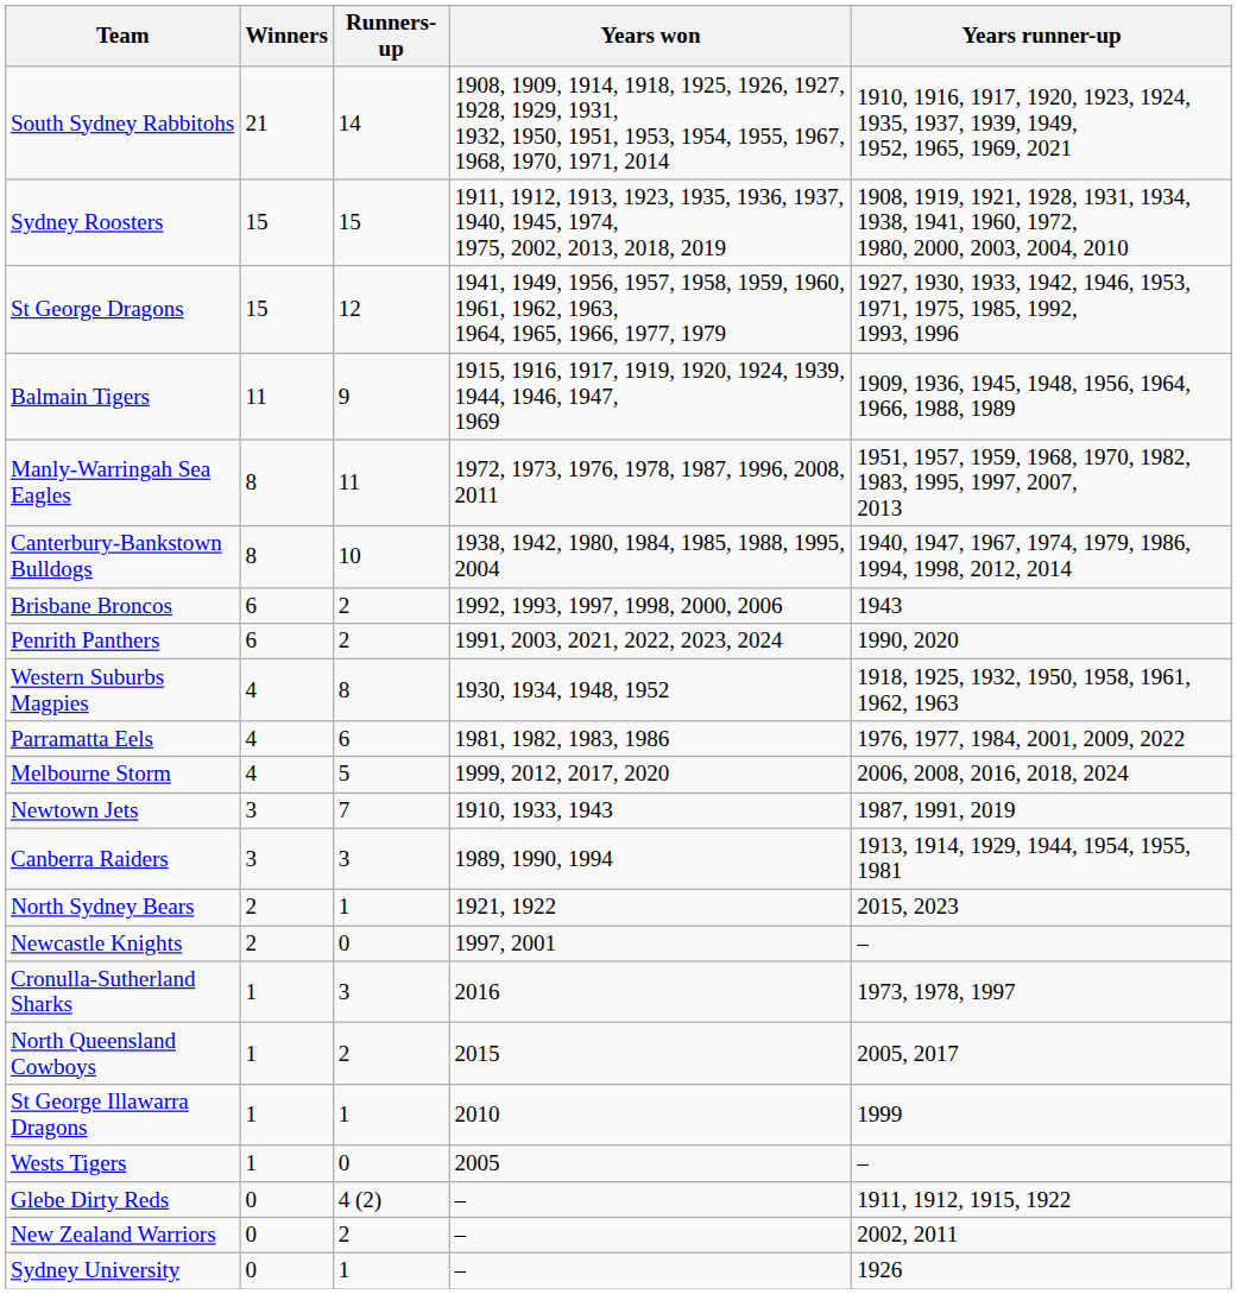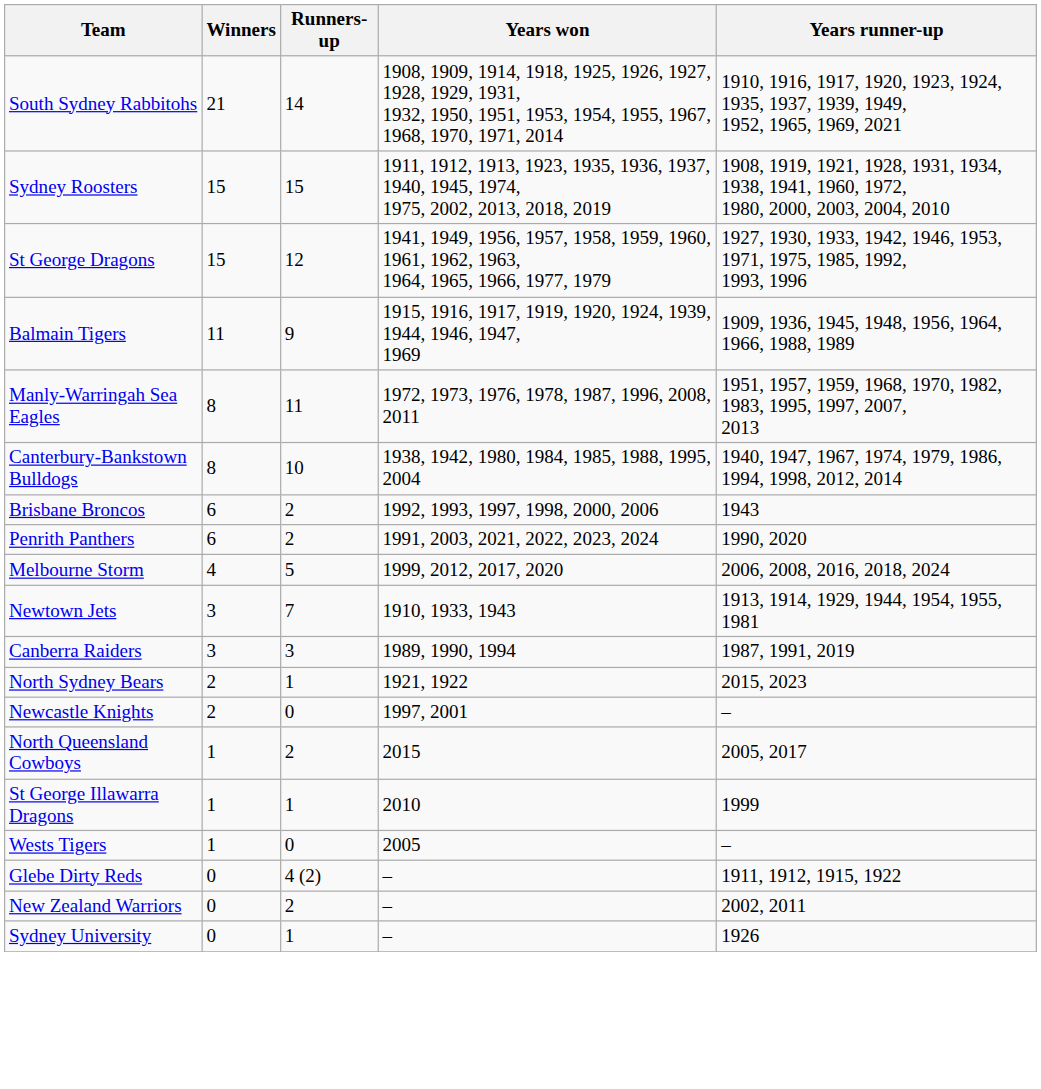 <table class="wikitable sortable">
 <tr>
 <th>Team</th>
 <th>Winners</th>
 <th>Runners-up</th>
 <th>Years won</th>
 <th>Years runner-up</th>
 </tr>
 <tr>
 <td> <a href='#'>South Sydney Rabbitohs</a></td>
 <td>21</td>
 <td>14</td>
 <td>1908, 1909, 1914, 1918, 1925, 1926, 1927, 1928, 1929, 1931,<br>1932, 1950, 1951, 1953, 1954, 1955, 1967, 1968, 1970, 1971, 2014</td>
 <td>1910, 1916, 1917, 1920, 1923, 1924, 1935, 1937, 1939, 1949,<br>1952, 1965, 1969, 2021</td>
 </tr>
 <tr>
 <td> <a href='#'>Sydney Roosters</a></td>
 <td>15</td>
 <td>15</td>
 <td>1911, 1912, 1913, 1923, 1935, 1936, 1937, 1940, 1945, 1974,<br>1975, 2002, 2013, 2018, 2019</td>
 <td>1908, 1919, 1921, 1928, 1931, 1934, 1938, 1941, 1960, 1972,<br>1980, 2000, 2003, 2004, 2010</td>
 </tr>
 <tr>
 <td> <a href='#'>St George Dragons</a></td>
 <td>15</td>
 <td>12</td>
 <td>1941, 1949, 1956, 1957, 1958, 1959, 1960, 1961, 1962, 1963,<br>1964, 1965, 1966, 1977, 1979</td>
 <td>1927, 1930, 1933, 1942, 1946, 1953, 1971, 1975, 1985, 1992,<br>1993, 1996</td>
 </tr>
 <tr>
 <td> <a href='#'>Balmain Tigers</a></td>
 <td>11</td>
 <td>9</td>
 <td>1915, 1916, 1917, 1919, 1920, 1924, 1939, 1944, 1946, 1947,<br>1969</td>
 <td>1909, 1936, 1945, 1948, 1956, 1964, 1966, 1988, 1989</td>
 </tr>
 <tr>
 <td> <a href='#'>Manly-Warringah Sea Eagles</a></td>
 <td>8</td>
 <td>11</td>
 <td>1972, 1973, 1976, 1978, 1987, 1996, 2008, 2011</td>
 <td>1951, 1957, 1959, 1968, 1970, 1982, 1983, 1995, 1997, 2007,<br>2013</td>
 </tr>
 <tr>
 <td> <a href='#'>Canterbury-Bankstown Bulldogs</a></td>
 <td>8</td>
 <td>10</td>
 <td>1938, 1942, 1980, 1984, 1985, 1988, 1995, 2004</td>
 <td>1940, 1947, 1967, 1974, 1979, 1986, 1994, 1998, 2012, 2014</td>
 </tr>
 <tr>
 <td> <a href='#'>Brisbane Broncos</a></td>
 <td>6</td>
 <td>2</td>
 <td>1992, 1993, 1997, 1998, 2000, 2006</td>
 <td>1943</td>
 </tr>
 <tr>
 <td> <a href='#'>Penrith Panthers</a></td>
 <td>6</td>
 <td>2</td>
 <td>1991, 2003, 2021, 2022, 2023, 2024</td>
 <td>1990, 2020</td>
 </tr>
 <tr>
-<td> <a href='#'>Western Suburbs Magpies</a></td>
-<td>4</td>
-<td>8</td>
-<td>1930, 1934, 1948, 1952</td>
-<td>1918, 1925, 1932, 1950, 1958, 1961, 1962, 1963</td>
-</tr>
-<tr>
-<td> <a href='#'>Parramatta Eels</a></td>
-<td>4</td>
-<td>6</td>
-<td>1981, 1982, 1983, 1986</td>
-<td>1976, 1977, 1984, 2001, 2009, 2022</td>
-</tr>
-<tr>
 <td> <a href='#'>Melbourne Storm</a></td>
 <td>4</td>
 <td>5</td>
 <td>1999, 2012, 2017, 2020</td>
 <td>2006, 2008, 2016, 2018, 2024</td>
 </tr>
 <tr>
 <td> <a href='#'>Newtown Jets</a></td>
 <td>3</td>
 <td>7</td>
 <td>1910, 1933, 1943</td>
-<td>1987, 1991, 2019</td>
+<td>1913, 1914, 1929, 1944, 1954, 1955, 1981</td>
 </tr>
 <tr>
 <td> <a href='#'>Canberra Raiders</a></td>
 <td>3</td>
 <td>3</td>
 <td>1989, 1990, 1994</td>
-<td>1913, 1914, 1929, 1944, 1954, 1955, 1981</td>
+<td>1987, 1991, 2019</td>
 </tr>
 <tr>
 <td> <a href='#'>North Sydney Bears</a></td>
 <td>2</td>
 <td>1</td>
 <td>1921, 1922</td>
 <td>2015, 2023</td>
 </tr>
 <tr>
 <td> <a href='#'>Newcastle Knights</a></td>
 <td>2</td>
 <td>0</td>
 <td>1997, 2001</td>
 <td>–</td>
-</tr>
-<tr>
-<td> <a href='#'>Cronulla-Sutherland Sharks</a></td>
-<td>1</td>
-<td>3</td>
-<td>2016</td>
-<td>1973, 1978, 1997</td>
 </tr>
 <tr>
 <td> <a href='#'>North Queensland Cowboys</a></td>
 <td>1</td>
 <td>2</td>
 <td>2015</td>
 <td>2005, 2017</td>
 </tr>
 <tr>
 <td> <a href='#'>St George Illawarra Dragons</a></td>
 <td>1</td>
 <td>1</td>
 <td>2010</td>
 <td>1999</td>
 </tr>
 <tr>
 <td> <a href='#'>Wests Tigers</a></td>
 <td>1</td>
 <td>0</td>
 <td>2005</td>
 <td>–</td>
 </tr>
 <tr>
 <td> <a href='#'>Glebe Dirty Reds</a></td>
 <td>0</td>
 <td>4 (2)</td>
 <td>–</td>
 <td>1911, 1912, 1915, 1922</td>
 </tr>
 <tr>
 <td> <a href='#'>New Zealand Warriors</a></td>
 <td>0</td>
 <td>2</td>
 <td>–</td>
 <td>2002, 2011</td>
 </tr>
 <tr>
 <td> <a href='#'>Sydney University</a></td>
 <td>0</td>
 <td>1</td>
 <td>–</td>
 <td>1926</td>
 </tr>
 </table>
